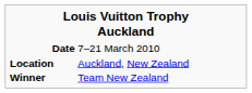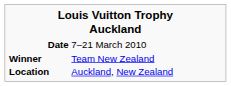 <table class="infobox" style="width: 23em; font-size: 90%">
 <tr>
 <th colspan="2" style="text-align: center; font-size: larger;"><strong>Louis Vuitton Trophy</strong><br><strong>Auckland</strong></th>
 </tr>
 <tr>
 <td style="text-align: right;"><strong>Date</strong></td>
 <td>7–21 March 2010</td>
 </tr>
 <tr>
+<td><strong>Winner</strong></td>
+<td><a href='#'>Team New Zealand</a></td>
+</tr>
+<tr>
 <td><strong>Location</strong></td>
 <td><a href='#'>Auckland</a>, <a href='#'>New Zealand</a></td>
 </tr>
-<tr>
-<td><strong>Winner</strong></td>
-<td><a href='#'>Team New Zealand</a></td>
-</tr>
 </table>
